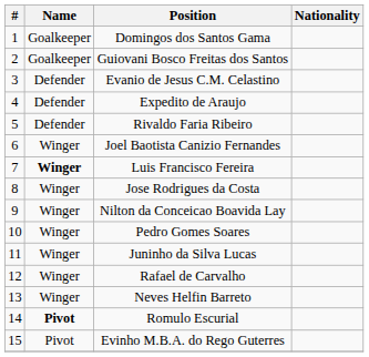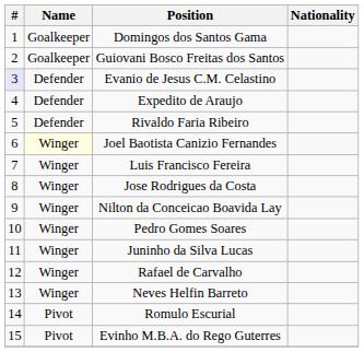 <table class="wikitable" style="text-align:center">
 <tr>
 <th>#</th>
 <th>Name</th>
 <th>Position</th>
 <th>Nationality</th>
 </tr>
 <tr align="center">
 <td>1</td>
 <td>Goalkeeper</td>
 <td>Domingos dos Santos Gama</td>
 <td></td>
 </tr>
 <tr align="center">
 <td>2</td>
 <td>Goalkeeper</td>
 <td>Guiovani Bosco Freitas dos Santos</td>
 <td></td>
 </tr>
 <tr align="center">
-<td>3</td>
+<td style="background: lavender;">3</td>
 <td>Defender</td>
 <td>Evanio de Jesus C.M. Celastino</td>
 <td></td>
 </tr>
 <tr align="center">
 <td>4</td>
 <td>Defender</td>
 <td>Expedito de Araujo</td>
 <td></td>
 </tr>
 <tr align="center">
 <td>5</td>
 <td>Defender</td>
 <td>Rivaldo Faria Ribeiro</td>
 <td></td>
 </tr>
 <tr align="center">
 <td>6</td>
-<td>Winger</td>
+<td style="background: lightyellow;">Winger</td>
 <td>Joel Baotista Canizio Fernandes</td>
 <td></td>
 </tr>
 <tr align="center">
 <td>7</td>
-<td><strong>Winger</strong></td>
+<td>Winger</td>
 <td>Luis Francisco Fereira</td>
 <td></td>
 </tr>
 <tr align="center">
 <td>8</td>
 <td>Winger</td>
 <td>Jose Rodrigues da Costa</td>
 <td></td>
 </tr>
 <tr align="center">
 <td>9</td>
 <td>Winger</td>
 <td>Nilton da Conceicao Boavida Lay</td>
 <td></td>
 </tr>
 <tr align="center">
 <td>10</td>
 <td>Winger</td>
 <td>Pedro Gomes Soares</td>
 <td></td>
 </tr>
 <tr align="center">
 <td>11</td>
 <td>Winger</td>
 <td>Juninho da Silva Lucas</td>
 <td></td>
 </tr>
 <tr align="center">
 <td>12</td>
 <td>Winger</td>
 <td>Rafael de Carvalho</td>
 <td></td>
 </tr>
 <tr align="center">
 <td>13</td>
 <td>Winger</td>
 <td>Neves Helfin Barreto</td>
 <td></td>
 </tr>
 <tr align="center">
 <td>14</td>
-<td><strong>Pivot</strong></td>
+<td>Pivot</td>
 <td>Romulo Escurial</td>
 <td></td>
 </tr>
 <tr align="center">
 <td>15</td>
 <td>Pivot</td>
 <td>Evinho M.B.A. do Rego Guterres</td>
 <td></td>
 </tr>
 <tr align="center">
 </tr>
 </table>
